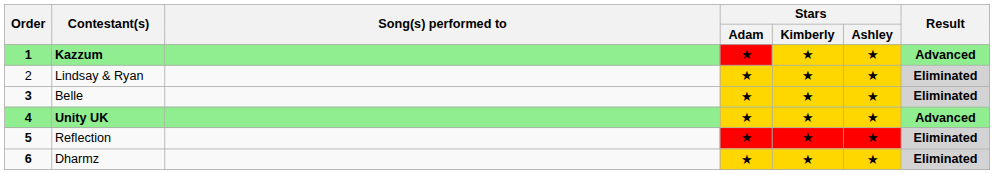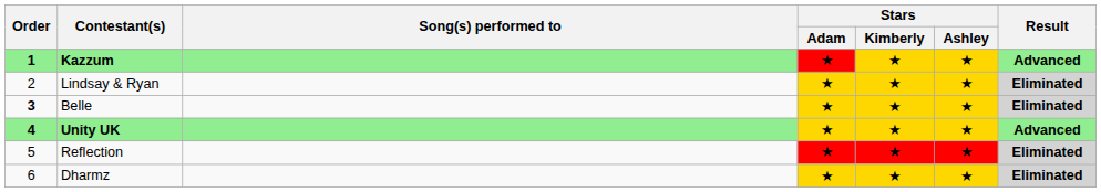 <table class="wikitable" style="text-align:center;">
 <tr>
 <th style="width:2%;" rowspan="2">Order</th>
 <th style="width:7%;" rowspan="2">Contestant(s)</th>
 <th style="width:41%;" rowspan="2">Song(s) performed to</th>
 <th style="width:9%;" colspan="3">Stars</th>
 <th style="width:5%;" rowspan="2">Result</th>
 </tr>
 <tr>
 <th style="width:3%;">Adam</th>
 <th style="width:3%;">Kimberly</th>
 <th style="width:3%;">Ashley</th>
 </tr>
 <tr style="background:lightgreen;">
 <td><strong>1</strong></td>
 <td style="text-align:left;"><strong>Kazzum</strong></td>
 <td></td>
 <td style="background:red;">★</td>
 <td style="background:gold;">★</td>
 <td style="background:gold;">★</td>
 <td><strong>Advanced</strong></td>
 </tr>
 <tr>
 <td>2</td>
 <td style="text-align:left;">Lindsay & Ryan</td>
 <td></td>
 <td style="background:gold;">★</td>
 <td style="background:gold;">★</td>
 <td style="background:gold;">★</td>
 <td style="background:lightgrey;"><strong>Eliminated</strong></td>
 </tr>
 <tr>
 <td><strong>3</strong></td>
 <td style="text-align:left;">Belle</td>
 <td></td>
 <td style="background:gold;">★</td>
 <td style="background:gold;">★</td>
 <td style="background:gold;">★</td>
 <td style="background:lightgrey;"><strong>Eliminated</strong></td>
 </tr>
 <tr style="background:lightgreen;">
 <td><strong>4</strong></td>
 <td style="text-align:left;"><strong>Unity UK</strong></td>
 <td></td>
 <td style="background:gold;">★</td>
 <td style="background:gold;">★</td>
 <td style="background:gold;">★</td>
 <td><strong>Advanced</strong></td>
 </tr>
 <tr>
-<td><strong>5</strong></td>
+<td>5</td>
 <td style="text-align:left;">Reflection</td>
 <td></td>
 <td style="background:red;">★</td>
 <td style="background:red;">★</td>
 <td style="background:red;">★</td>
 <td style="background:lightgrey;"><strong>Eliminated</strong></td>
 </tr>
 <tr>
-<td><strong>6</strong></td>
+<td>6</td>
 <td style="text-align:left;">Dharmz</td>
 <td></td>
 <td style="background:gold;">★</td>
 <td style="background:gold;">★</td>
 <td style="background:gold;">★</td>
 <td style="background:lightgrey;"><strong>Eliminated</strong></td>
 </tr>
 </table>
